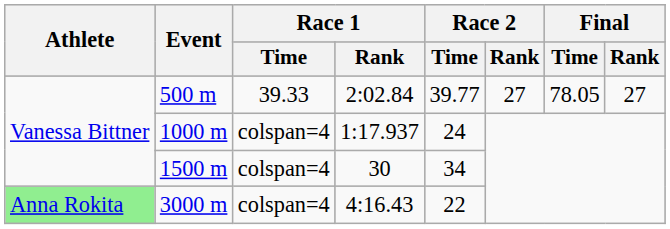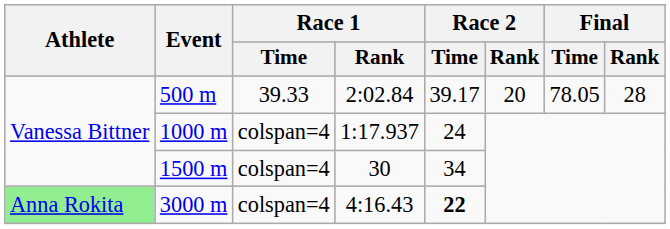 <table class="wikitable" style="font-size:90%">
 <tr>
 <th rowspan=2>Athlete</th>
 <th rowspan=2>Event</th>
 <th colspan=2>Race 1</th>
 <th colspan=2>Race 2</th>
 <th colspan=3>Final</th>
 </tr>
 <tr style="font-size:95%">
 <th>Time</th>
 <th>Rank</th>
 <th>Time</th>
 <th>Rank</th>
 <th>Time</th>
 <th>Rank</th>
 </tr>
 <tr align=center>
 <td align=left rowspan=3><a href='#'>Vanessa Bittner</a></td>
 <td align=left><a href='#'>500 m</a></td>
 <td>39.33</td>
 <td>2:02.84</td>
-<td>39.77</td>
-<td>27</td>
+<td>39.17</td>
+<td>20</td>
 <td>78.05</td>
-<td>27</td>
+<td>28</td>
 </tr>
 <tr align=center>
 <td align=left><a href='#'>1000 m</a></td>
 <td>colspan=4 </td>
 <td>1:17.937</td>
 <td>24</td>
 </tr>
 <tr align=center>
 <td align=left><a href='#'>1500 m</a></td>
 <td>colspan=4 </td>
 <td>30</td>
 <td>34</td>
 </tr>
 <tr align=center>
 <td align=left style="background: lightgreen;"><a href='#'>Anna Rokita</a></td>
 <td align=left><a href='#'>3000 m</a></td>
 <td>colspan=4 </td>
 <td>4:16.43</td>
-<td>22</td>
+<td><strong>22</strong></td>
 </tr>
 </table>
